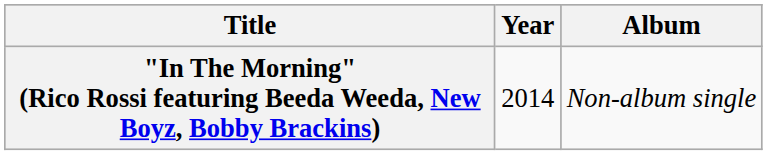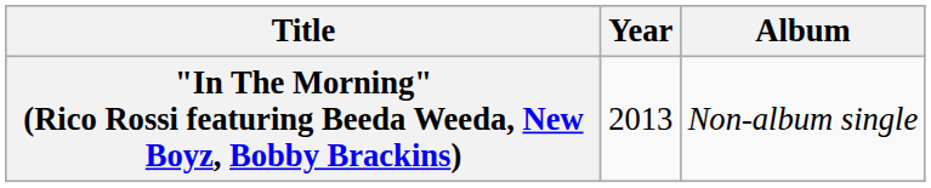 <table class="wikitable plainrowheaders"  style="text-align:center;">
 <tr>
 <th scope="col" style="width:18em;">Title</th>
 <th scope="col">Year</th>
 <th scope="col">Album</th>
 </tr>
 <tr>
 <th scope="row">"In The Morning"<br><span>(Rico Rossi featuring Beeda Weeda, <a href='#'>New Boyz</a>, <a href='#'>Bobby Brackins</a>)</span></th>
-<td>2014</td>
+<td>2013</td>
 <td rowspan="3"><em>Non-album single</em></td>
 </tr>
 </table>
